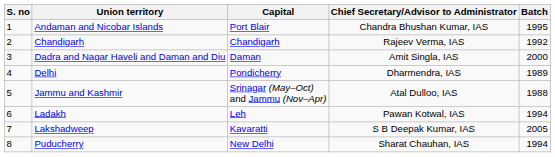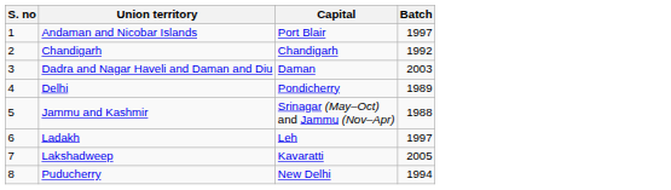 <table class="wikitable sortable mw-collapsible">
 <tr>
 <th style="padding-center:15px;">S. no</th>
 <th style="padding-center:15px;">Union territory</th>
 <th style="padding-center:15px;">Capital</th>
-<th style="padding-center:15px;">Chief Secretary/Advisor to Administrator</th>
 <th style="padding-center:15px;">Batch</th>
 </tr>
 <tr>
 <td>1</td>
 <td><a href='#'>Andaman and Nicobar Islands</a></td>
 <td><a href='#'>Port Blair</a></td>
-<td align="center">Chandra Bhushan Kumar, IAS</td>
-<td align="right">1995</td>
+<td align="right">1997</td>
 </tr>
 <tr>
 <td>2</td>
 <td><a href='#'>Chandigarh</a></td>
 <td><a href='#'>Chandigarh</a></td>
-<td align="center">Rajeev Verma, IAS</td>
 <td align="right">1992</td>
 </tr>
 <tr>
 <td>3</td>
 <td><a href='#'>Dadra and Nagar Haveli and Daman and Diu</a></td>
 <td><a href='#'>Daman</a></td>
-<td align="center">Amit Singla, IAS</td>
-<td align="right">2000</td>
+<td align="right">2003</td>
 </tr>
 <tr>
 <td>4</td>
 <td><a href='#'>Delhi</a></td>
 <td><a href='#'>Pondicherry</a></td>
-<td align="center">Dharmendra, IAS</td>
 <td align="right">1989</td>
 </tr>
 <tr>
 <td>5</td>
 <td><a href='#'>Jammu and Kashmir</a></td>
 <td><a href='#'>Srinagar</a> <em>(May–Oct)</em><br>and <a href='#'>Jammu</a> <em>(Nov–Apr)</em></td>
-<td align=center>Atal Dulloo, IAS</td>
 <td align=right>1988</td>
 </tr>
 <tr>
 <td>6</td>
 <td><a href='#'>Ladakh</a></td>
 <td><a href='#'>Leh</a></td>
-<td align="center">Pawan Kotwal, IAS</td>
-<td align="right">1994</td>
+<td align="right">1997</td>
 </tr>
 <tr>
 <td>7</td>
 <td><a href='#'>Lakshadweep</a></td>
 <td><a href='#'>Kavaratti</a></td>
-<td align="center">S B Deepak Kumar, IAS</td>
 <td align="right">2005</td>
 </tr>
 <tr>
 <td>8</td>
 <td><a href='#'>Puducherry</a></td>
 <td><a href='#'>New Delhi</a></td>
-<td align="center">Sharat Chauhan, IAS</td>
 <td align="right">1994</td>
 </tr>
 </table>
